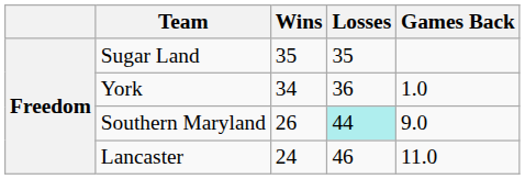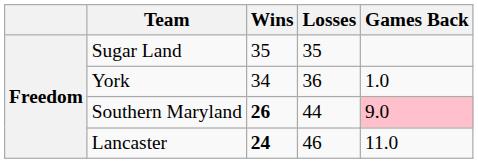 <table class="wikitable">
 <tr>
 <th></th>
 <th>Team</th>
 <th>Wins</th>
 <th>Losses</th>
 <th>Games Back</th>
 </tr>
 <tr>
 <th rowspan="4">Freedom</th>
 <td>Sugar Land</td>
 <td>35</td>
 <td>35</td>
 <td> </td>
 </tr>
 <tr>
 <td>York</td>
 <td>34</td>
 <td>36</td>
 <td>1.0</td>
 </tr>
 <tr>
 <td>Southern Maryland</td>
-<td>26</td>
-<td style="background: paleturquoise;">44</td>
-<td>9.0</td>
+<td><strong>26</strong></td>
+<td>44</td>
+<td style="background: pink;">9.0</td>
 </tr>
 <tr>
 <td>Lancaster</td>
-<td>24</td>
+<td><strong>24</strong></td>
 <td>46</td>
 <td>11.0</td>
 </tr>
 </table>
